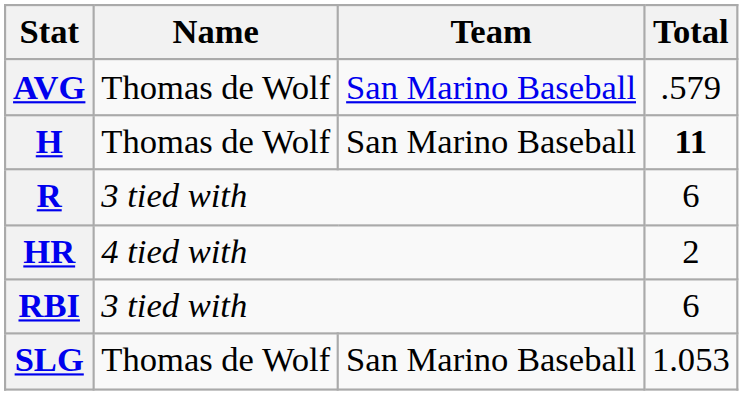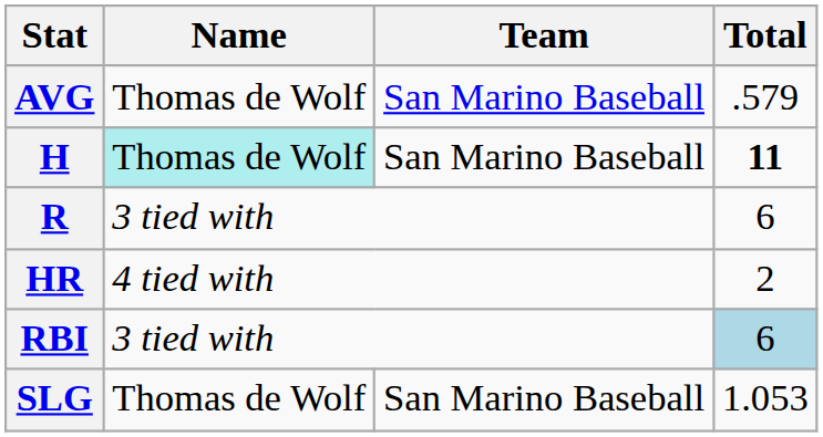 <table class=wikitable>
 <tr>
 <th scope="col">Stat</th>
 <th scope="col">Name</th>
 <th scope="col">Team</th>
 <th scope="col">Total</th>
 </tr>
 <tr>
 <th scope="row"><a href='#'>AVG</a></th>
 <td> Thomas de Wolf</td>
 <td> <a href='#'>San Marino Baseball</a></td>
 <td align=center>.579</td>
 </tr>
 <tr>
 <th scope="row"><a href='#'>H</a></th>
-<td> Thomas de Wolf</td>
+<td style="background: paleturquoise;"> Thomas de Wolf</td>
 <td> San Marino Baseball</td>
 <td align=center><strong>11</strong></td>
 </tr>
 <tr>
 <th scope="row"><a href='#'>R</a></th>
 <td colspan=2><em>3 tied with</em></td>
 <td align=center>6</td>
 </tr>
 <tr>
 <th scope="row"><a href='#'>HR</a></th>
 <td colspan=2><em>4 tied with</em></td>
 <td align=center>2</td>
 </tr>
 <tr>
 <th scope="row"><a href='#'>RBI</a></th>
 <td colspan=2><em>3 tied with</em></td>
-<td align=center>6</td>
+<td align=center style="background: lightblue;">6</td>
 </tr>
 <tr>
 <th scope="row"><a href='#'>SLG</a></th>
 <td> Thomas de Wolf</td>
 <td> San Marino Baseball</td>
 <td align=center>1.053</td>
 </tr>
 </table>
